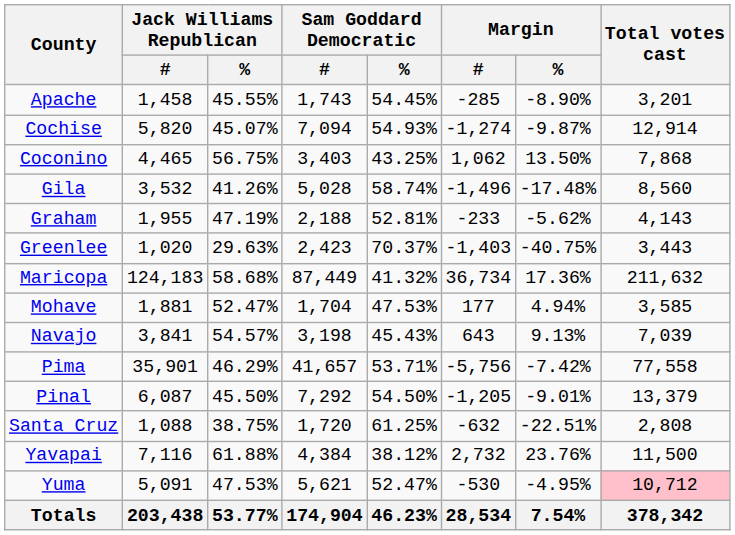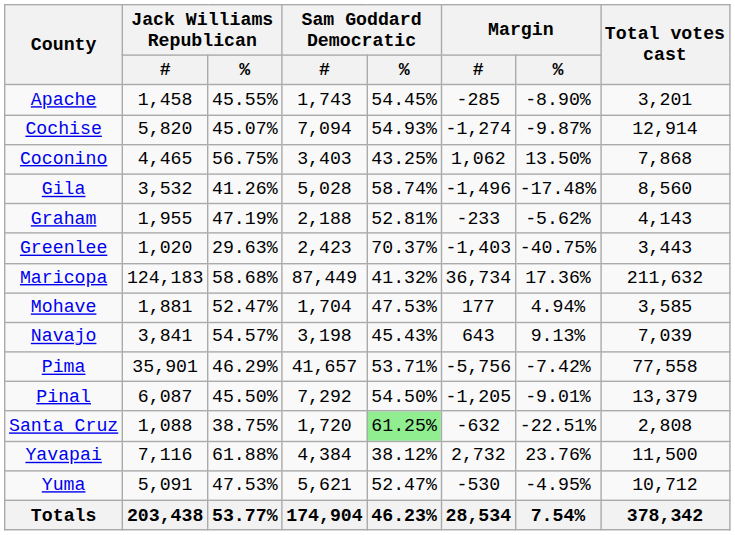 <table class="wikitable sortable" style="text-align:center">
 <tr>
 <th rowspan="2">County</th>
 <th style="text-align:center;" colspan="2">Jack Williams<br>Republican</th>
 <th style="text-align:center;" colspan="2">Sam Goddard<br>Democratic</th>
 <th style="text-align:center;" colspan="2">Margin</th>
 <th style="text-align:center;" rowspan="2">Total votes<br>cast</th>
 </tr>
 <tr>
 <th style="text-align:center;" data-sort-type="number">#</th>
 <th style="text-align:center;" data-sort-type="number">%</th>
 <th style="text-align:center;" data-sort-type="number">#</th>
 <th style="text-align:center;" data-sort-type="number">%</th>
 <th style="text-align:center;" data-sort-type="number">#</th>
 <th style="text-align:center;" data-sort-type="number">%</th>
 </tr>
 <tr style="text-align:center;">
 <td><a href='#'>Apache</a></td>
 <td>1,458</td>
 <td>45.55%</td>
 <td>1,743</td>
 <td>54.45%</td>
 <td>-285</td>
 <td>-8.90%</td>
 <td>3,201</td>
 </tr>
 <tr style="text-align:center;">
 <td><a href='#'>Cochise</a></td>
 <td>5,820</td>
 <td>45.07%</td>
 <td>7,094</td>
 <td>54.93%</td>
 <td>-1,274</td>
 <td>-9.87%</td>
 <td>12,914</td>
 </tr>
 <tr style="text-align:center;">
 <td><a href='#'>Coconino</a></td>
 <td>4,465</td>
 <td>56.75%</td>
 <td>3,403</td>
 <td>43.25%</td>
 <td>1,062</td>
 <td>13.50%</td>
 <td>7,868</td>
 </tr>
 <tr style="text-align:center;">
 <td><a href='#'>Gila</a></td>
 <td>3,532</td>
 <td>41.26%</td>
 <td>5,028</td>
 <td>58.74%</td>
 <td>-1,496</td>
 <td>-17.48%</td>
 <td>8,560</td>
 </tr>
 <tr style="text-align:center;">
 <td><a href='#'>Graham</a></td>
 <td>1,955</td>
 <td>47.19%</td>
 <td>2,188</td>
 <td>52.81%</td>
 <td>-233</td>
 <td>-5.62%</td>
 <td>4,143</td>
 </tr>
 <tr style="text-align:center;">
 <td><a href='#'>Greenlee</a></td>
 <td>1,020</td>
 <td>29.63%</td>
 <td>2,423</td>
 <td>70.37%</td>
 <td>-1,403</td>
 <td>-40.75%</td>
 <td>3,443</td>
 </tr>
 <tr style="text-align:center;">
 <td><a href='#'>Maricopa</a></td>
 <td>124,183</td>
 <td>58.68%</td>
 <td>87,449</td>
 <td>41.32%</td>
 <td>36,734</td>
 <td>17.36%</td>
 <td>211,632</td>
 </tr>
 <tr style="text-align:center;">
 <td><a href='#'>Mohave</a></td>
 <td>1,881</td>
 <td>52.47%</td>
 <td>1,704</td>
 <td>47.53%</td>
 <td>177</td>
 <td>4.94%</td>
 <td>3,585</td>
 </tr>
 <tr style="text-align:center;">
 <td><a href='#'>Navajo</a></td>
 <td>3,841</td>
 <td>54.57%</td>
 <td>3,198</td>
 <td>45.43%</td>
 <td>643</td>
 <td>9.13%</td>
 <td>7,039</td>
 </tr>
 <tr style="text-align:center;">
 <td><a href='#'>Pima</a></td>
 <td>35,901</td>
 <td>46.29%</td>
 <td>41,657</td>
 <td>53.71%</td>
 <td>-5,756</td>
 <td>-7.42%</td>
 <td>77,558</td>
 </tr>
 <tr style="text-align:center;">
 <td><a href='#'>Pinal</a></td>
 <td>6,087</td>
 <td>45.50%</td>
 <td>7,292</td>
 <td>54.50%</td>
 <td>-1,205</td>
 <td>-9.01%</td>
 <td>13,379</td>
 </tr>
 <tr style="text-align:center;">
 <td><a href='#'>Santa Cruz</a></td>
 <td>1,088</td>
 <td>38.75%</td>
 <td>1,720</td>
-<td>61.25%</td>
+<td style="background: lightgreen;">61.25%</td>
 <td>-632</td>
 <td>-22.51%</td>
 <td>2,808</td>
 </tr>
 <tr style="text-align:center;">
 <td><a href='#'>Yavapai</a></td>
 <td>7,116</td>
 <td>61.88%</td>
 <td>4,384</td>
 <td>38.12%</td>
 <td>2,732</td>
 <td>23.76%</td>
 <td>11,500</td>
 </tr>
 <tr style="text-align:center;">
 <td><a href='#'>Yuma</a></td>
 <td>5,091</td>
 <td>47.53%</td>
 <td>5,621</td>
 <td>52.47%</td>
 <td>-530</td>
 <td>-4.95%</td>
-<td style="background: pink;">10,712</td>
+<td>10,712</td>
 </tr>
 <tr style="text-align:center;">
 <th>Totals</th>
 <th>203,438</th>
 <th>53.77%</th>
 <th>174,904</th>
 <th>46.23%</th>
 <th>28,534</th>
 <th>7.54%</th>
 <th>378,342</th>
 </tr>
 </table>
